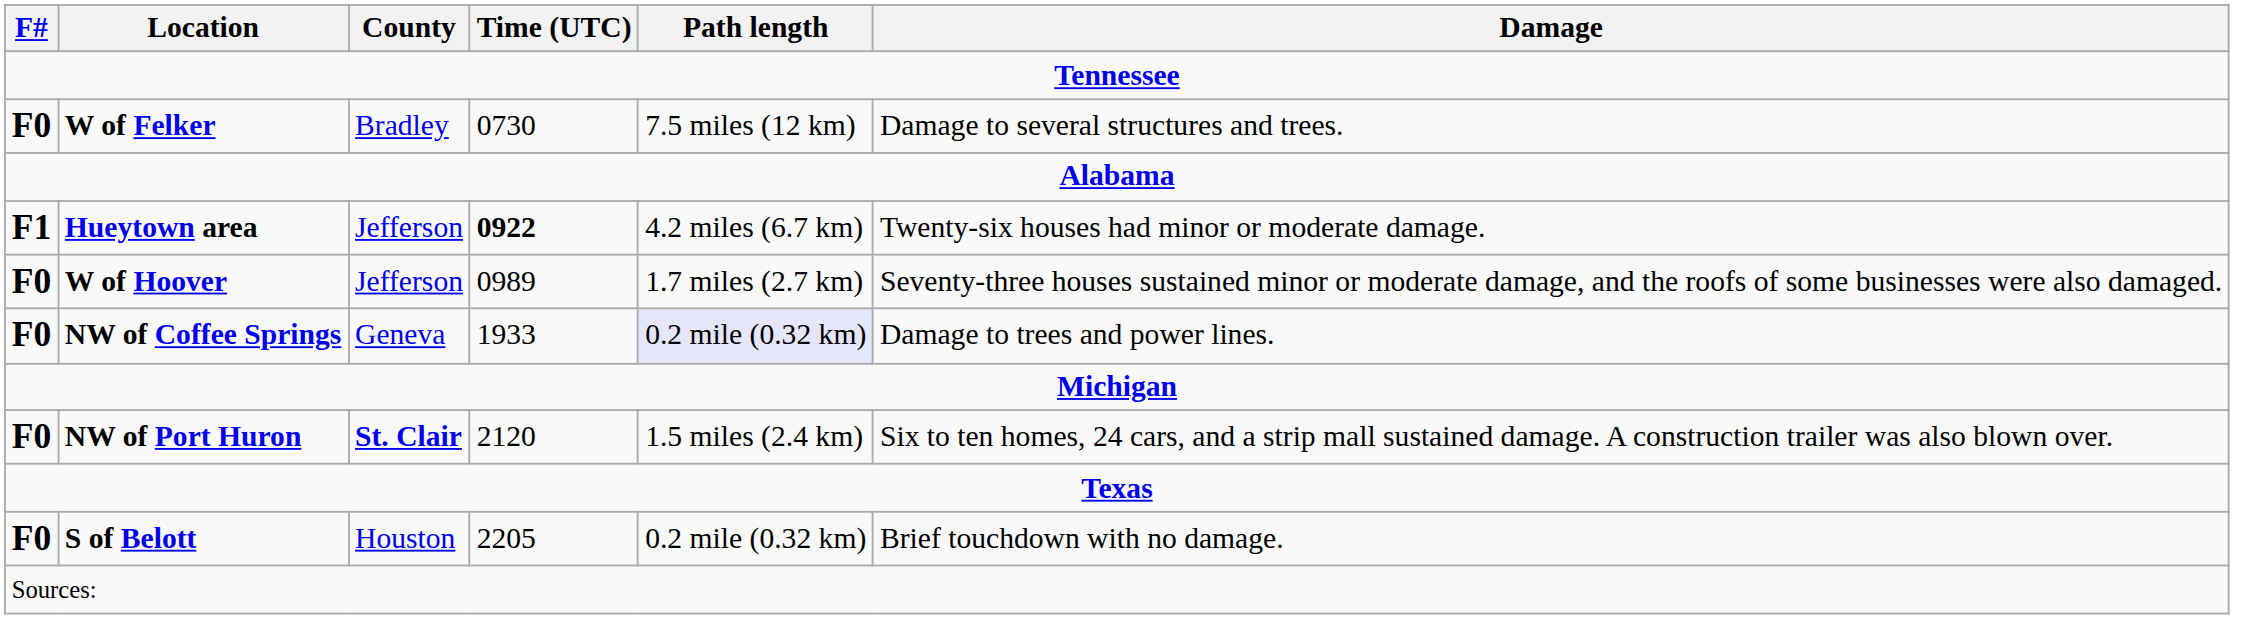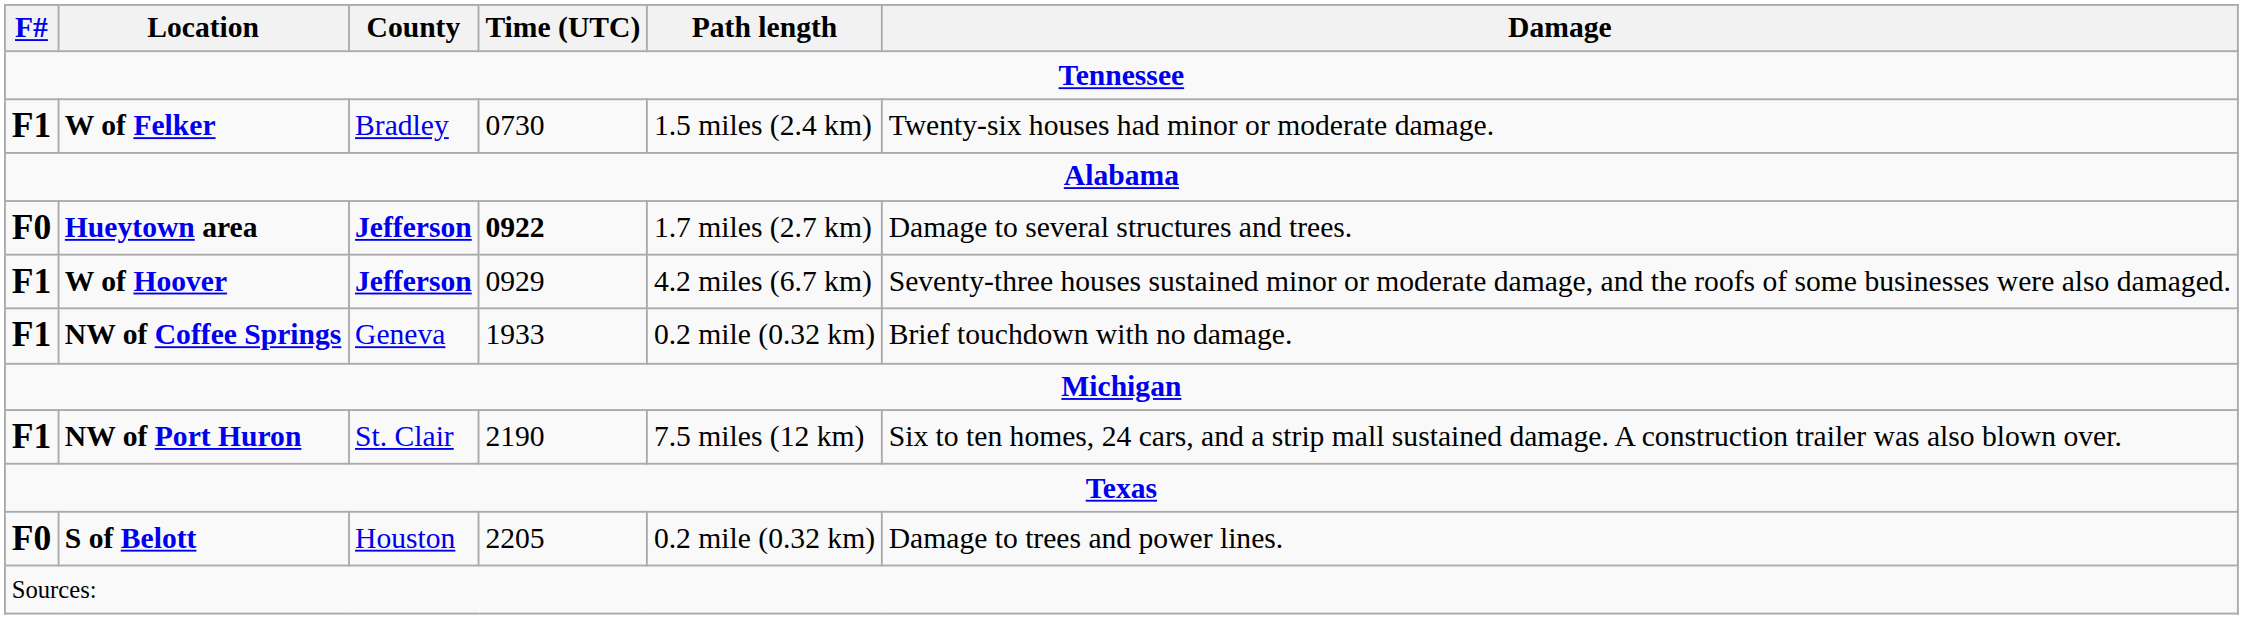 <table class="wikitable">
 <tr>
 <th><strong><a href='#'>F#</a></strong></th>
 <th><strong>Location</strong></th>
 <th><strong>County</strong></th>
 <th><strong>Time (UTC)</strong></th>
 <th><strong>Path length</strong></th>
 <th><strong>Damage</strong></th>
 </tr>
 <tr>
 <td colspan="7" align=center><strong><a href='#'>Tennessee</a></strong></td>
 </tr>
 <tr>
-<td><big><strong>F0</strong></big></td>
+<td><big><strong>F1</strong></big></td>
 <td><strong>W of <a href='#'>Felker</a></strong></td>
 <td><a href='#'>Bradley</a></td>
 <td>0730</td>
-<td>7.5 miles (12 km)</td>
-<td>Damage to several structures and trees.</td>
+<td>1.5 miles (2.4 km)</td>
+<td>Twenty-six houses had minor or moderate damage.</td>
 </tr>
 <tr>
 <td colspan="7" align=center><strong><a href='#'>Alabama</a></strong></td>
 </tr>
 <tr>
-<td><big><strong>F1</strong></big></td>
+<td><big><strong>F0</strong></big></td>
 <td><strong><a href='#'>Hueytown</a> area</strong></td>
-<td><a href='#'>Jefferson</a></td>
+<td><strong><a href='#'>Jefferson</a></strong></td>
 <td><strong>0922</strong></td>
-<td>4.2 miles (6.7 km)</td>
-<td>Twenty-six houses had minor or moderate damage.</td>
+<td>1.7 miles (2.7 km)</td>
+<td>Damage to several structures and trees.</td>
 </tr>
 <tr>
-<td><big><strong>F0</strong></big></td>
+<td><big><strong>F1</strong></big></td>
 <td><strong>W of <a href='#'>Hoover</a></strong></td>
-<td><a href='#'>Jefferson</a></td>
-<td>0989</td>
-<td>1.7 miles (2.7 km)</td>
+<td><strong><a href='#'>Jefferson</a></strong></td>
+<td>0929</td>
+<td>4.2 miles (6.7 km)</td>
 <td>Seventy-three houses sustained minor or moderate damage, and the roofs of some businesses were also damaged.</td>
 </tr>
 <tr>
-<td><big><strong>F0</strong></big></td>
+<td><big><strong>F1</strong></big></td>
 <td><strong>NW of <a href='#'>Coffee Springs</a></strong></td>
 <td><a href='#'>Geneva</a></td>
 <td>1933</td>
-<td style="background: lavender;">0.2 mile (0.32 km)</td>
-<td>Damage to trees and power lines.</td>
+<td>0.2 mile (0.32 km)</td>
+<td>Brief touchdown with no damage.</td>
 </tr>
 <tr>
 <td colspan="7" align=center><strong><a href='#'>Michigan</a></strong></td>
 </tr>
 <tr>
-<td><big><strong>F0</strong></big></td>
+<td><big><strong>F1</strong></big></td>
 <td><strong>NW of <a href='#'>Port Huron</a></strong></td>
-<td><strong><a href='#'>St. Clair</a></strong></td>
-<td>2120</td>
-<td>1.5 miles (2.4 km)</td>
+<td><a href='#'>St. Clair</a></td>
+<td>2190</td>
+<td>7.5 miles (12 km)</td>
 <td>Six to ten homes, 24 cars, and a strip mall sustained damage. A construction trailer was also blown over.</td>
 </tr>
 <tr>
 <td colspan="7" align=center><strong><a href='#'>Texas</a></strong></td>
 </tr>
 <tr>
 <td><big><strong>F0</strong></big></td>
 <td><strong>S of <a href='#'>Belott</a></strong></td>
 <td><a href='#'>Houston</a></td>
 <td>2205</td>
 <td>0.2 mile (0.32 km)</td>
-<td>Brief touchdown with no damage.</td>
+<td>Damage to trees and power lines.</td>
 </tr>
 <tr>
 <td colspan="7"><small>Sources: </small></td>
 </tr>
 </table>
